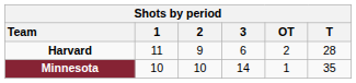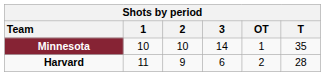 <table class="wikitable" style="width:30em; text-align:right;">
 <tr>
 <th colspan=6>Shots by period</th>
 </tr>
 <tr>
 <th style="width:10em; text-align:left;">Team</th>
 <th style="width:3em;">1</th>
 <th style="width:3em;">2</th>
 <th style="width:3em;">3</th>
 <th style="width:3em;">OT</th>
 <th style="width:3em;">T</th>
 </tr>
 <tr>
+<td align=center style="color:white; background:#862334; "><strong>Minnesota</strong></td>
+<td align=center>10</td>
+<td align=center>10</td>
+<td align=center>14</td>
+<td align=center>1</td>
+<td align=center>35</td>
+</tr>
+<tr>
 <td align=center><strong>Harvard</strong></td>
 <td align=center>11</td>
 <td align=center>9</td>
 <td align=center>6</td>
 <td align=center>2</td>
 <td align=center>28</td>
 </tr>
-<tr>
-<td align=center style="color:white; background:#862334; "><strong>Minnesota</strong></td>
-<td align=center>10</td>
-<td align=center>10</td>
-<td align=center>14</td>
-<td align=center>1</td>
-<td align=center>35</td>
-</tr>
 </table>
